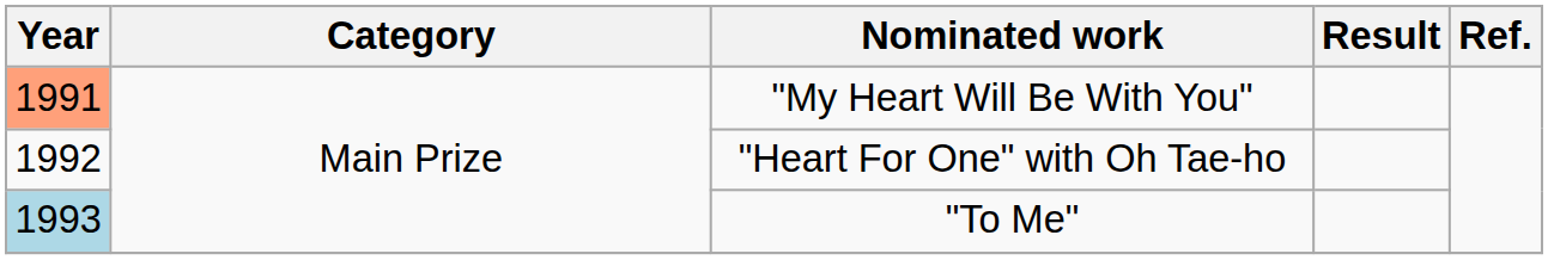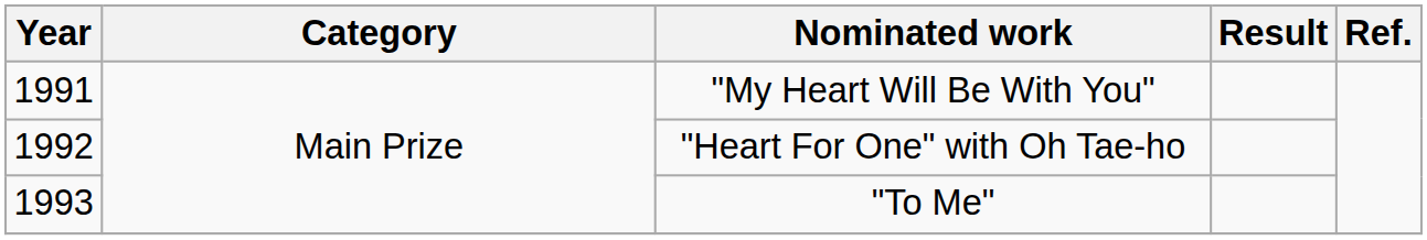 <table class="wikitable plainrowheaders" style="text-align:center;">
 <tr>
 <th>Year</th>
 <th style="width:15em;">Category</th>
 <th style="width:15em;">Nominated work</th>
 <th>Result</th>
 <th>Ref.</th>
 </tr>
 <tr>
-<td style="background: lightsalmon;">1991</td>
+<td>1991</td>
 <td rowspan="3">Main Prize</td>
 <td>"My Heart Will Be With You"</td>
 <td></td>
 <td rowspan="3"></td>
 </tr>
 <tr>
 <td>1992</td>
 <td>"Heart For One" with Oh Tae-ho</td>
 <td></td>
 </tr>
 <tr>
-<td style="background: lightblue;">1993</td>
+<td>1993</td>
 <td>"To Me"</td>
 <td></td>
 </tr>
 <tr>
 </tr>
 </table>
